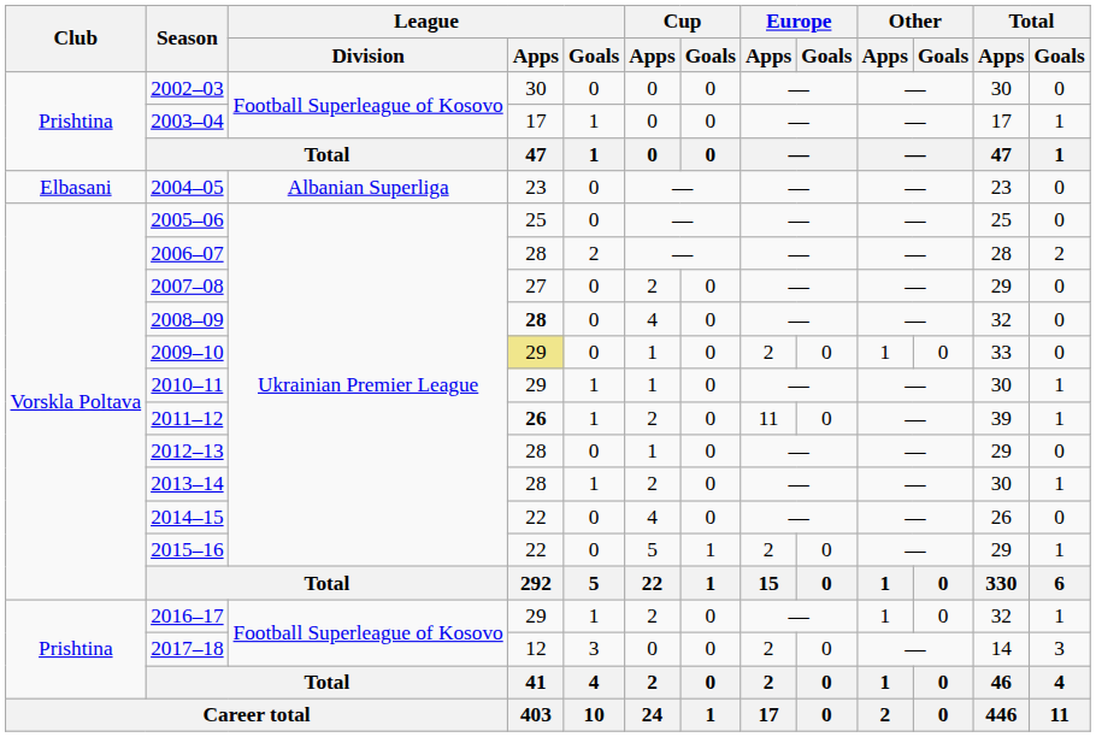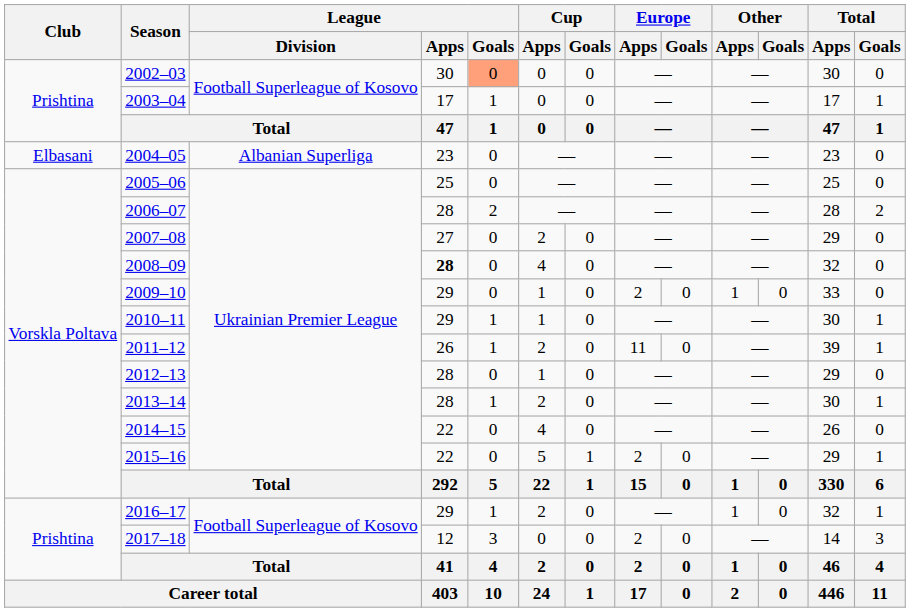 <table class="wikitable" style="text-align:center">
 <tr>
 <th rowspan="2">Club</th>
 <th rowspan="2">Season</th>
 <th colspan="3">League</th>
 <th colspan="2">Cup</th>
 <th colspan="2"><a href='#'>Europe</a></th>
 <th colspan="2">Other</th>
 <th colspan="2">Total</th>
 </tr>
 <tr>
 <th>Division</th>
 <th>Apps</th>
 <th>Goals</th>
 <th>Apps</th>
 <th>Goals</th>
 <th>Apps</th>
 <th>Goals</th>
 <th>Apps</th>
 <th>Goals</th>
 <th>Apps</th>
 <th>Goals</th>
 </tr>
 <tr>
 <td rowspan="3"><a href='#'>Prishtina</a></td>
 <td><a href='#'>2002–03</a></td>
 <td rowspan="2"><a href='#'>Football Superleague of Kosovo</a></td>
 <td>30</td>
-<td>0</td>
+<td style="background: lightsalmon;">0</td>
 <td>0</td>
 <td>0</td>
 <td colspan="2">—</td>
 <td colspan="2">—</td>
 <td>30</td>
 <td>0</td>
 </tr>
 <tr>
 <td><a href='#'>2003–04</a></td>
 <td>17</td>
 <td>1</td>
 <td>0</td>
 <td>0</td>
 <td colspan="2">—</td>
 <td colspan="2">—</td>
 <td>17</td>
 <td>1</td>
 </tr>
 <tr>
 <th colspan="2">Total</th>
 <th>47</th>
 <th>1</th>
 <th>0</th>
 <th>0</th>
 <th colspan="2">—</th>
 <th colspan="2">—</th>
 <th>47</th>
 <th>1</th>
 </tr>
 <tr>
 <td><a href='#'>Elbasani</a></td>
 <td><a href='#'>2004–05</a></td>
 <td><a href='#'>Albanian Superliga</a></td>
 <td>23</td>
 <td>0</td>
 <td colspan="2">—</td>
 <td colspan="2">—</td>
 <td colspan="2">—</td>
 <td>23</td>
 <td>0</td>
 </tr>
 <tr>
 <td rowspan="12"><a href='#'>Vorskla Poltava</a></td>
 <td><a href='#'>2005–06</a></td>
 <td rowspan="11"><a href='#'>Ukrainian Premier League</a></td>
 <td>25</td>
 <td>0</td>
 <td colspan="2">—</td>
 <td colspan="2">—</td>
 <td colspan="2">—</td>
 <td>25</td>
 <td>0</td>
 </tr>
 <tr>
 <td><a href='#'>2006–07</a></td>
 <td>28</td>
 <td>2</td>
 <td colspan="2">—</td>
 <td colspan="2">—</td>
 <td colspan="2">—</td>
 <td>28</td>
 <td>2</td>
 </tr>
 <tr>
 <td><a href='#'>2007–08</a></td>
 <td>27</td>
 <td>0</td>
 <td>2</td>
 <td>0</td>
 <td colspan="2">—</td>
 <td colspan="2">—</td>
 <td>29</td>
 <td>0</td>
 </tr>
 <tr>
 <td><a href='#'>2008–09</a></td>
 <td><strong>28</strong></td>
 <td>0</td>
 <td>4</td>
 <td>0</td>
 <td colspan="2">—</td>
 <td colspan="2">—</td>
 <td>32</td>
 <td>0</td>
 </tr>
 <tr>
 <td><a href='#'>2009–10</a></td>
-<td style="background: khaki;">29</td>
+<td>29</td>
 <td>0</td>
 <td>1</td>
 <td>0</td>
 <td>2</td>
 <td>0</td>
 <td>1</td>
 <td>0</td>
 <td>33</td>
 <td>0</td>
 </tr>
 <tr>
 <td><a href='#'>2010–11</a></td>
 <td>29</td>
 <td>1</td>
 <td>1</td>
 <td>0</td>
 <td colspan="2">—</td>
 <td colspan="2">—</td>
 <td>30</td>
 <td>1</td>
 </tr>
 <tr>
 <td><a href='#'>2011–12</a></td>
-<td><strong>26</strong></td>
+<td>26</td>
 <td>1</td>
 <td>2</td>
 <td>0</td>
 <td>11</td>
 <td>0</td>
 <td colspan="2">—</td>
 <td>39</td>
 <td>1</td>
 </tr>
 <tr>
 <td><a href='#'>2012–13</a></td>
 <td>28</td>
 <td>0</td>
 <td>1</td>
 <td>0</td>
 <td colspan="2">—</td>
 <td colspan="2">—</td>
 <td>29</td>
 <td>0</td>
 </tr>
 <tr>
 <td><a href='#'>2013–14</a></td>
 <td>28</td>
 <td>1</td>
 <td>2</td>
 <td>0</td>
 <td colspan="2">—</td>
 <td colspan="2">—</td>
 <td>30</td>
 <td>1</td>
 </tr>
 <tr>
 <td><a href='#'>2014–15</a></td>
 <td>22</td>
 <td>0</td>
 <td>4</td>
 <td>0</td>
 <td colspan="2">—</td>
 <td colspan="2">—</td>
 <td>26</td>
 <td>0</td>
 </tr>
 <tr>
 <td><a href='#'>2015–16</a></td>
 <td>22</td>
 <td>0</td>
 <td>5</td>
 <td>1</td>
 <td>2</td>
 <td>0</td>
 <td colspan="2">—</td>
 <td>29</td>
 <td>1</td>
 </tr>
 <tr>
 <th colspan="2">Total</th>
 <th>292</th>
 <th>5</th>
 <th>22</th>
 <th>1</th>
 <th>15</th>
 <th>0</th>
 <th>1</th>
 <th>0</th>
 <th>330</th>
 <th>6</th>
 </tr>
 <tr>
 <td rowspan="3"><a href='#'>Prishtina</a></td>
 <td><a href='#'>2016–17</a></td>
 <td rowspan="2"><a href='#'>Football Superleague of Kosovo</a></td>
 <td>29</td>
 <td>1</td>
 <td>2</td>
 <td>0</td>
 <td colspan="2">—</td>
 <td>1</td>
 <td>0</td>
 <td>32</td>
 <td>1</td>
 </tr>
 <tr>
 <td><a href='#'>2017–18</a></td>
 <td>12</td>
 <td>3</td>
 <td>0</td>
 <td>0</td>
 <td>2</td>
 <td>0</td>
 <td colspan="2">—</td>
 <td>14</td>
 <td>3</td>
 </tr>
 <tr>
 <th colspan="2">Total</th>
 <th>41</th>
 <th>4</th>
 <th>2</th>
 <th>0</th>
 <th>2</th>
 <th>0</th>
 <th>1</th>
 <th>0</th>
 <th>46</th>
 <th>4</th>
 </tr>
 <tr>
 <th colspan="3">Career total</th>
 <th>403</th>
 <th>10</th>
 <th>24</th>
 <th>1</th>
 <th>17</th>
 <th>0</th>
 <th>2</th>
 <th>0</th>
 <th>446</th>
 <th>11</th>
 </tr>
 </table>
